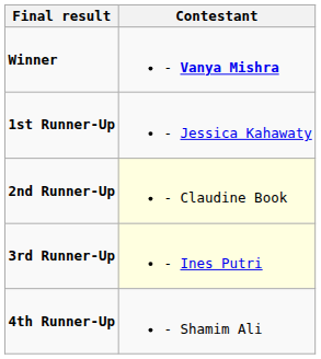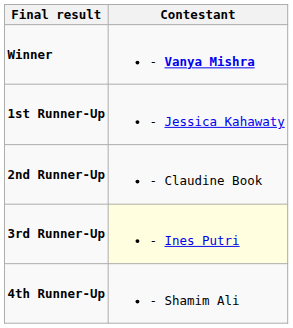 <table class="wikitable">
 <tr>
 <th>Final result</th>
 <th>Contestant</th>
 </tr>
 <tr>
 <td><strong>Winner</strong></td>
 <td><br><ul><li><strong></strong> - <strong><a href='#'>Vanya Mishra</a></strong></li></ul></td>
 </tr>
 <tr>
 <td><strong>1st Runner-Up</strong></td>
 <td><br><ul><li><strong></strong> - <a href='#'>Jessica Kahawaty</a></li></ul></td>
 </tr>
 <tr>
 <td><strong>2nd Runner-Up</strong></td>
-<td style="background: lightyellow;"><br><ul><li><strong></strong> - Claudine Book</li></ul></td>
+<td><br><ul><li><strong></strong> - Claudine Book</li></ul></td>
 </tr>
 <tr>
 <td><strong>3rd Runner-Up</strong></td>
 <td style="background: lightyellow;"><br><ul><li><strong></strong> - <a href='#'>Ines Putri</a></li></ul></td>
 </tr>
 <tr>
 <td><strong>4th Runner-Up</strong></td>
 <td><br><ul><li><strong></strong> - Shamim Ali</li></ul></td>
 </tr>
 </table>
